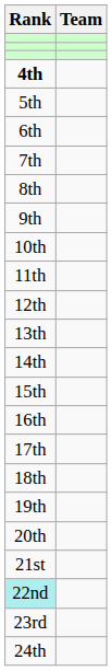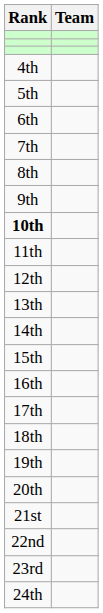 <table class=wikitable style="text-align:center;">
 <tr>
 <th>Rank</th>
 <th>Team</th>
 </tr>
 <tr bgcolor=#ccffcc>
 <td></td>
 <td align=left></td>
 </tr>
 <tr bgcolor=#ccffcc>
 <td></td>
 <td align=left></td>
 </tr>
 <tr bgcolor=#ccffcc>
 <td></td>
 <td align=left></td>
 </tr>
 <tr>
-<td><strong>4th</strong></td>
+<td>4th</td>
 <td align=left></td>
 </tr>
 <tr>
 <td>5th</td>
 <td align=left></td>
 </tr>
 <tr>
 <td>6th</td>
 <td align=left></td>
 </tr>
 <tr>
 <td>7th</td>
 <td align=left></td>
 </tr>
 <tr>
 <td>8th</td>
 <td align=left></td>
 </tr>
 <tr>
 <td>9th</td>
 <td align=left></td>
 </tr>
 <tr>
-<td>10th</td>
+<td><strong>10th</strong></td>
 <td align=left></td>
 </tr>
 <tr>
 <td>11th</td>
 <td align=left></td>
 </tr>
 <tr>
 <td>12th</td>
 <td align=left></td>
 </tr>
 <tr>
 <td>13th</td>
 <td align=left></td>
 </tr>
 <tr>
 <td>14th</td>
 <td align=left></td>
 </tr>
 <tr>
 <td>15th</td>
 <td align=left></td>
 </tr>
 <tr>
 <td>16th</td>
 <td align=left></td>
 </tr>
 <tr>
 <td>17th</td>
 <td align=left></td>
 </tr>
 <tr>
 <td>18th</td>
 <td align=left></td>
 </tr>
 <tr>
 <td>19th</td>
 <td align=left></td>
 </tr>
 <tr>
 <td>20th</td>
 <td align=left></td>
 </tr>
 <tr>
 <td>21st</td>
 <td align=left></td>
 </tr>
 <tr>
-<td style="background: paleturquoise;">22nd</td>
+<td>22nd</td>
 <td align=left></td>
 </tr>
 <tr>
 <td>23rd</td>
 <td align=left></td>
 </tr>
 <tr>
 <td>24th</td>
 <td align=left></td>
 </tr>
 </table>
